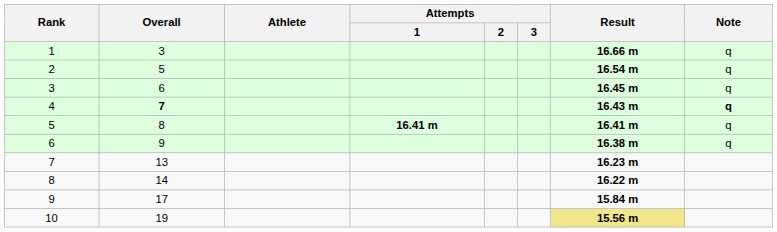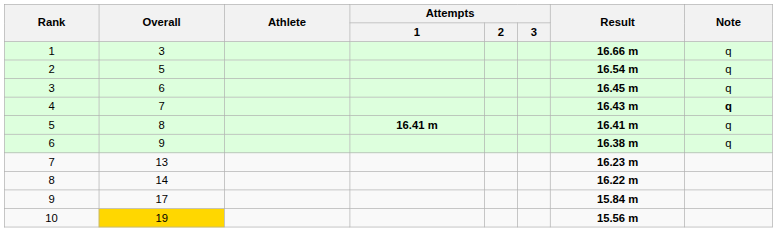 <table class="wikitable" style=" text-align:center; font-size:110%;" width="95%">
 <tr>
 <th rowspan="2">Rank</th>
 <th rowspan="2">Overall</th>
 <th rowspan="2">Athlete</th>
 <th colspan="3">Attempts</th>
 <th rowspan="2">Result</th>
 <th rowspan="2">Note</th>
 </tr>
 <tr>
 <th>1</th>
 <th>2</th>
 <th>3</th>
 </tr>
 <tr style="background:#ddffdd;">
 <td>1</td>
 <td>3</td>
 <td align=left></td>
 <td></td>
 <td></td>
 <td></td>
 <td><strong>16.66 m </strong></td>
 <td>q</td>
 </tr>
 <tr style="background:#ddffdd;">
 <td>2</td>
 <td>5</td>
 <td align=left></td>
 <td></td>
 <td></td>
 <td></td>
 <td><strong>16.54 m </strong></td>
 <td>q</td>
 </tr>
 <tr style="background:#ddffdd;">
 <td>3</td>
 <td>6</td>
 <td align=left></td>
 <td></td>
 <td></td>
 <td></td>
 <td><strong>16.45 m </strong></td>
 <td>q</td>
 </tr>
 <tr style="background:#ddffdd;">
 <td>4</td>
-<td><strong>7</strong></td>
+<td>7</td>
 <td align=left></td>
 <td></td>
 <td></td>
 <td></td>
 <td><strong>16.43 m </strong></td>
 <td><strong>q</strong></td>
 </tr>
 <tr style="background:#ddffdd;">
 <td>5</td>
 <td>8</td>
 <td align=left></td>
 <td><strong>16.41 m </strong></td>
 <td></td>
 <td></td>
 <td><strong>16.41 m </strong></td>
 <td>q</td>
 </tr>
 <tr style="background:#ddffdd;">
 <td>6</td>
 <td>9</td>
 <td align=left></td>
 <td></td>
 <td></td>
 <td></td>
 <td><strong>16.38 m </strong></td>
 <td>q</td>
 </tr>
 <tr>
 <td>7</td>
 <td>13</td>
 <td align=left></td>
 <td></td>
 <td></td>
 <td></td>
 <td><strong>16.23 m </strong></td>
 <td></td>
 </tr>
 <tr>
 <td>8</td>
 <td>14</td>
 <td align=left></td>
 <td></td>
 <td></td>
 <td></td>
 <td><strong>16.22 m </strong></td>
 <td></td>
 </tr>
 <tr>
 <td>9</td>
 <td>17</td>
 <td align=left></td>
 <td></td>
 <td></td>
 <td></td>
 <td><strong>15.84 m </strong></td>
 <td></td>
 </tr>
 <tr>
 <td>10</td>
-<td>19</td>
+<td style="background: gold;">19</td>
 <td align=left></td>
 <td></td>
 <td></td>
 <td></td>
-<td style="background: khaki;"><strong>15.56 m </strong></td>
+<td><strong>15.56 m </strong></td>
 <td></td>
 </tr>
 </table>
